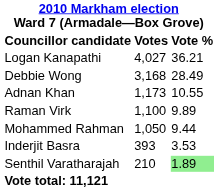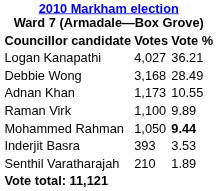 <table class="wiki table">
 <tr>
 <th colspan="3" style="text-align:center;"><strong><a href='#'>2010 Markham election</a><br>Ward 7 (Armadale—Box Grove)</strong></th>
 </tr>
 <tr>
 <th>Councillor candidate</th>
 <th>Votes</th>
 <th>Vote %</th>
 </tr>
 <tr>
 <td>Logan Kanapathi</td>
 <td>4,027</td>
 <td>36.21</td>
 </tr>
 <tr>
 <td>Debbie Wong</td>
 <td>3,168</td>
 <td>28.49</td>
 </tr>
 <tr>
 <td>Adnan Khan</td>
 <td>1,173</td>
 <td>10.55</td>
 </tr>
 <tr>
 <td>Raman Virk</td>
 <td>1,100</td>
 <td>9.89</td>
 </tr>
 <tr>
 <td>Mohammed Rahman</td>
 <td>1,050</td>
-<td>9.44</td>
+<td><strong>9.44</strong></td>
 </tr>
 <tr>
 <td>Inderjit Basra</td>
 <td>393</td>
 <td>3.53</td>
 </tr>
 <tr>
 <td>Senthil Varatharajah</td>
 <td>210</td>
-<td style="background: lightgreen;">1.89</td>
+<td>1.89</td>
 </tr>
 <tr>
 <th colspan="3" style="text-align:left;"><strong>Vote total:</strong> 11,121</th>
 </tr>
 </table>
